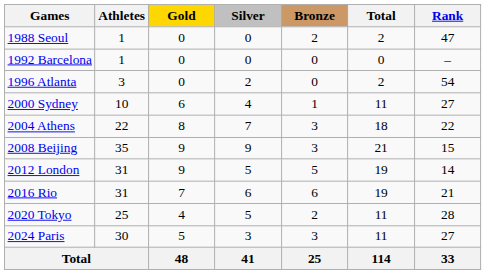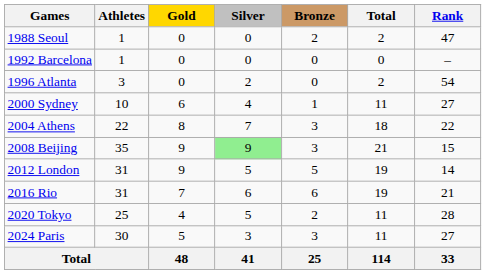 <table class="wikitable" style="text-align:center; font-size:90%;">
 <tr>
 <th>Games</th>
 <th>Athletes</th>
 <td style="background:gold; width:4.5em; font-weight:bold;">Gold</td>
 <td style="background:silver; width:4.5em; font-weight:bold;">Silver</td>
 <td style="background:#cc9966; width:4.5em; font-weight:bold;">Bronze</td>
 <th style="width:4.5em; font-weight:bold;">Total</th>
 <th style="width:4.5em; font-weight:bold;"><a href='#'>Rank</a></th>
 </tr>
 <tr>
 <td align=left><a href='#'>1988 Seoul</a></td>
 <td>1</td>
 <td>0</td>
 <td>0</td>
 <td>2</td>
 <td>2</td>
 <td>47</td>
 </tr>
 <tr>
 <td align=left><a href='#'>1992 Barcelona</a></td>
 <td>1</td>
 <td>0</td>
 <td>0</td>
 <td>0</td>
 <td>0</td>
 <td>–</td>
 </tr>
 <tr>
 <td align=left><a href='#'>1996 Atlanta</a></td>
 <td>3</td>
 <td>0</td>
 <td>2</td>
 <td>0</td>
 <td>2</td>
 <td>54</td>
 </tr>
 <tr>
 <td align=left><a href='#'>2000 Sydney</a></td>
 <td>10</td>
 <td>6</td>
 <td>4</td>
 <td>1</td>
 <td>11</td>
 <td>27</td>
 </tr>
 <tr>
 <td align=left><a href='#'>2004 Athens</a></td>
 <td>22</td>
 <td>8</td>
 <td>7</td>
 <td>3</td>
 <td>18</td>
 <td>22</td>
 </tr>
 <tr>
 <td align=left><a href='#'>2008 Beijing</a></td>
 <td>35</td>
 <td>9</td>
-<td>9</td>
+<td style="background: lightgreen;">9</td>
 <td>3</td>
 <td>21</td>
 <td>15</td>
 </tr>
 <tr>
 <td align=left><a href='#'>2012 London</a></td>
 <td>31</td>
 <td>9</td>
 <td>5</td>
 <td>5</td>
 <td>19</td>
 <td>14</td>
 </tr>
 <tr>
 <td align=left><a href='#'>2016 Rio</a></td>
 <td>31</td>
 <td>7</td>
 <td>6</td>
 <td>6</td>
 <td>19</td>
 <td>21</td>
 </tr>
 <tr>
 <td align=left><a href='#'>2020 Tokyo</a></td>
 <td>25</td>
 <td>4</td>
 <td>5</td>
 <td>2</td>
 <td>11</td>
 <td>28</td>
 </tr>
 <tr>
 <td align=left><a href='#'>2024 Paris</a></td>
 <td>30</td>
 <td>5</td>
 <td>3</td>
 <td>3</td>
 <td>11</td>
 <td>27</td>
 </tr>
 <tr>
 <th colspan=2>Total</th>
 <th>48</th>
 <th>41</th>
 <th>25</th>
 <th>114</th>
 <th>33</th>
 </tr>
 </table>
